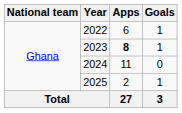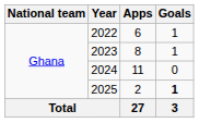 <table class="wikitable" style="text-align:center">
 <tr>
 <th>National team</th>
 <th>Year</th>
 <th>Apps</th>
 <th>Goals</th>
 </tr>
 <tr>
 <td rowspan="4"><a href='#'>Ghana</a></td>
 <td>2022</td>
 <td>6</td>
 <td>1</td>
 </tr>
 <tr>
 <td>2023</td>
-<td><strong>8</strong></td>
+<td>8</td>
 <td>1</td>
 </tr>
 <tr>
 <td>2024</td>
 <td>11</td>
 <td>0</td>
 </tr>
 <tr>
 <td>2025</td>
 <td>2</td>
-<td>1</td>
+<td><strong>1</strong></td>
 </tr>
 <tr>
 <th colspan="2">Total</th>
 <th>27</th>
 <th>3</th>
 </tr>
 </table>
